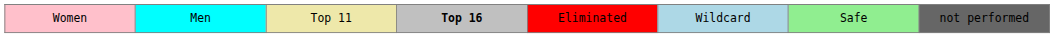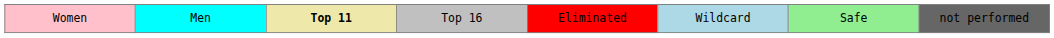 <table border="2" cellpadding="8" style="background:silver; border:1px solid gray; border-collapse:collapse; margin:1em auto; text-align:center;">
 <tr>
 </tr>
 <tr>
 <td style="background:pink;" width="10%">Women</td>
 <td style="background:cyan;" width="10%">Men</td>
-<td style="background:palegoldenrod;" width="10%">Top 11</td>
-<td style="background:CCCCCC;" width="10%"><strong>Top 16</strong></td>
+<td style="background:palegoldenrod;" width="10%"><strong>Top 11</strong></td>
+<td style="background:CCCCCC;" width="10%">Top 16</td>
 <td style="background:red;" width="10%"><span>Eliminated</span></td>
 <td style="background:lightblue;" width="10%">Wildcard</td>
 <td style="background:lightgreen;" width="10%">Safe</td>
 <td style="background:#666666;" width="10%"><span>not performed</span></td>
 </tr>
 </table>
